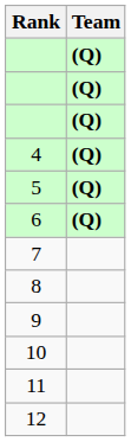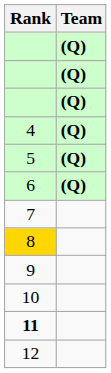 <table class="wikitable" style="text-align: center;">
 <tr>
 <th width=40>Rank</th>
 <th>Team</th>
 </tr>
 <tr align=center bgcolor=#ccffcc>
 <td></td>
 <td style="text-align:left;"> <strong>(Q)</strong></td>
 </tr>
 <tr align=center bgcolor=#ccffcc>
 <td></td>
 <td style="text-align:left;"> <strong>(Q)</strong></td>
 </tr>
 <tr align=center bgcolor=#ccffcc>
 <td></td>
 <td style="text-align:left;"> <strong>(Q)</strong></td>
 </tr>
 <tr align=center bgcolor=#ccffcc>
 <td>4</td>
 <td style="text-align:left;"> <strong>(Q)</strong></td>
 </tr>
 <tr align=center bgcolor=#ccffcc>
 <td>5</td>
 <td style="text-align:left;"> <strong>(Q)</strong></td>
 </tr>
 <tr align=center bgcolor=#ccffcc>
 <td>6</td>
 <td style="text-align:left;"> <strong>(Q)</strong></td>
 </tr>
 <tr align=center>
 <td>7</td>
 <td style="text-align:left;"></td>
 </tr>
 <tr align=center>
-<td>8</td>
+<td style="background: gold;">8</td>
 <td style="text-align:left;"></td>
 </tr>
 <tr align=center>
 <td>9</td>
 <td style="text-align:left;"></td>
 </tr>
 <tr align=center>
 <td>10</td>
 <td style="text-align:left;"></td>
 </tr>
 <tr align=center>
-<td>11</td>
+<td><strong>11</strong></td>
 <td style="text-align:left;"></td>
 </tr>
 <tr align=center>
 <td>12</td>
 <td style="text-align:left;"></td>
 </tr>
 </table>
